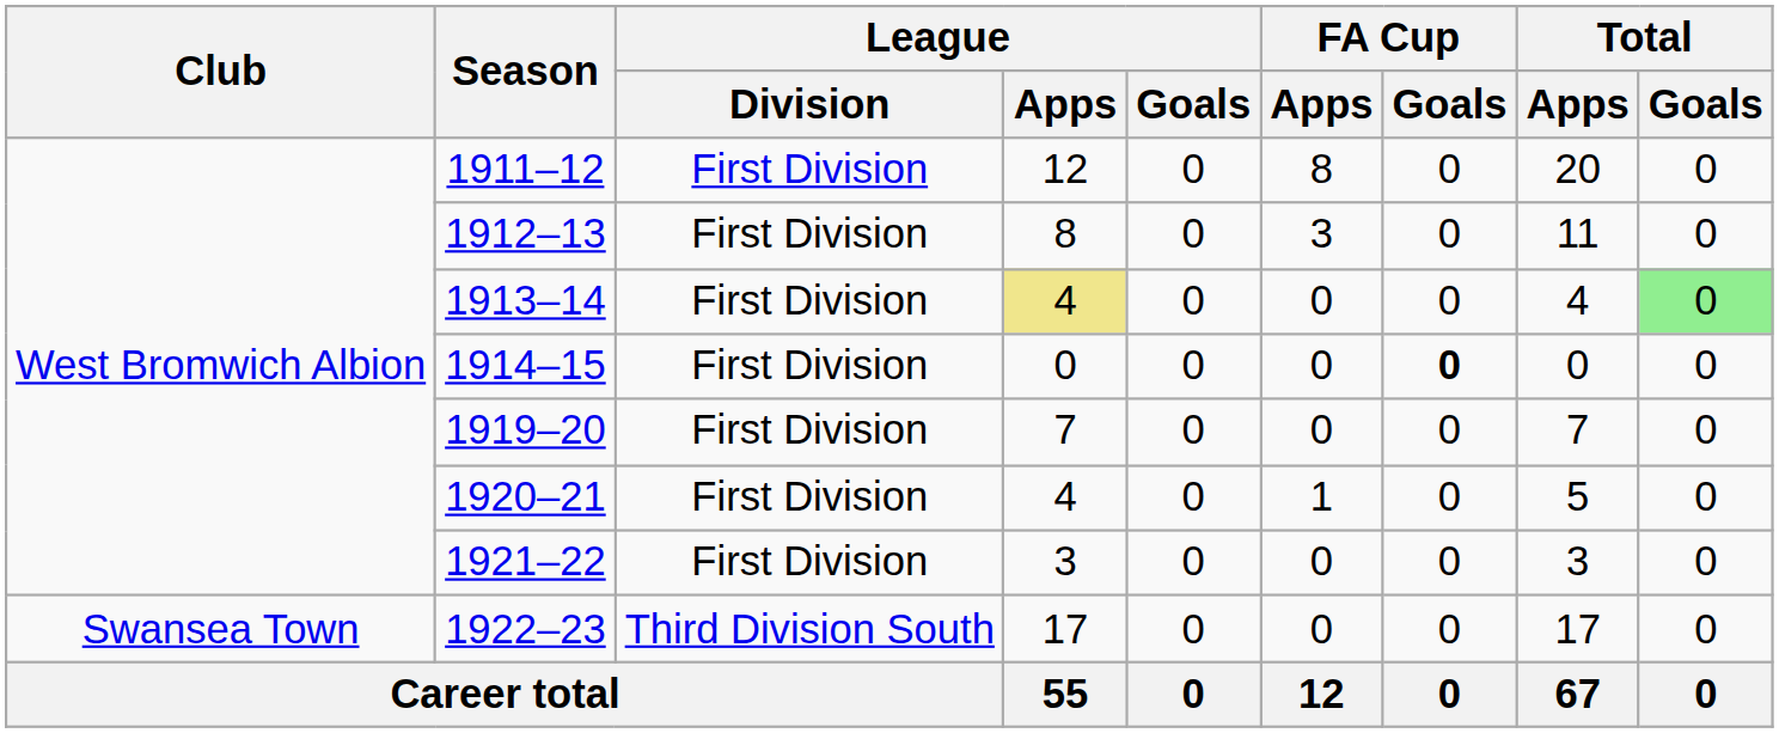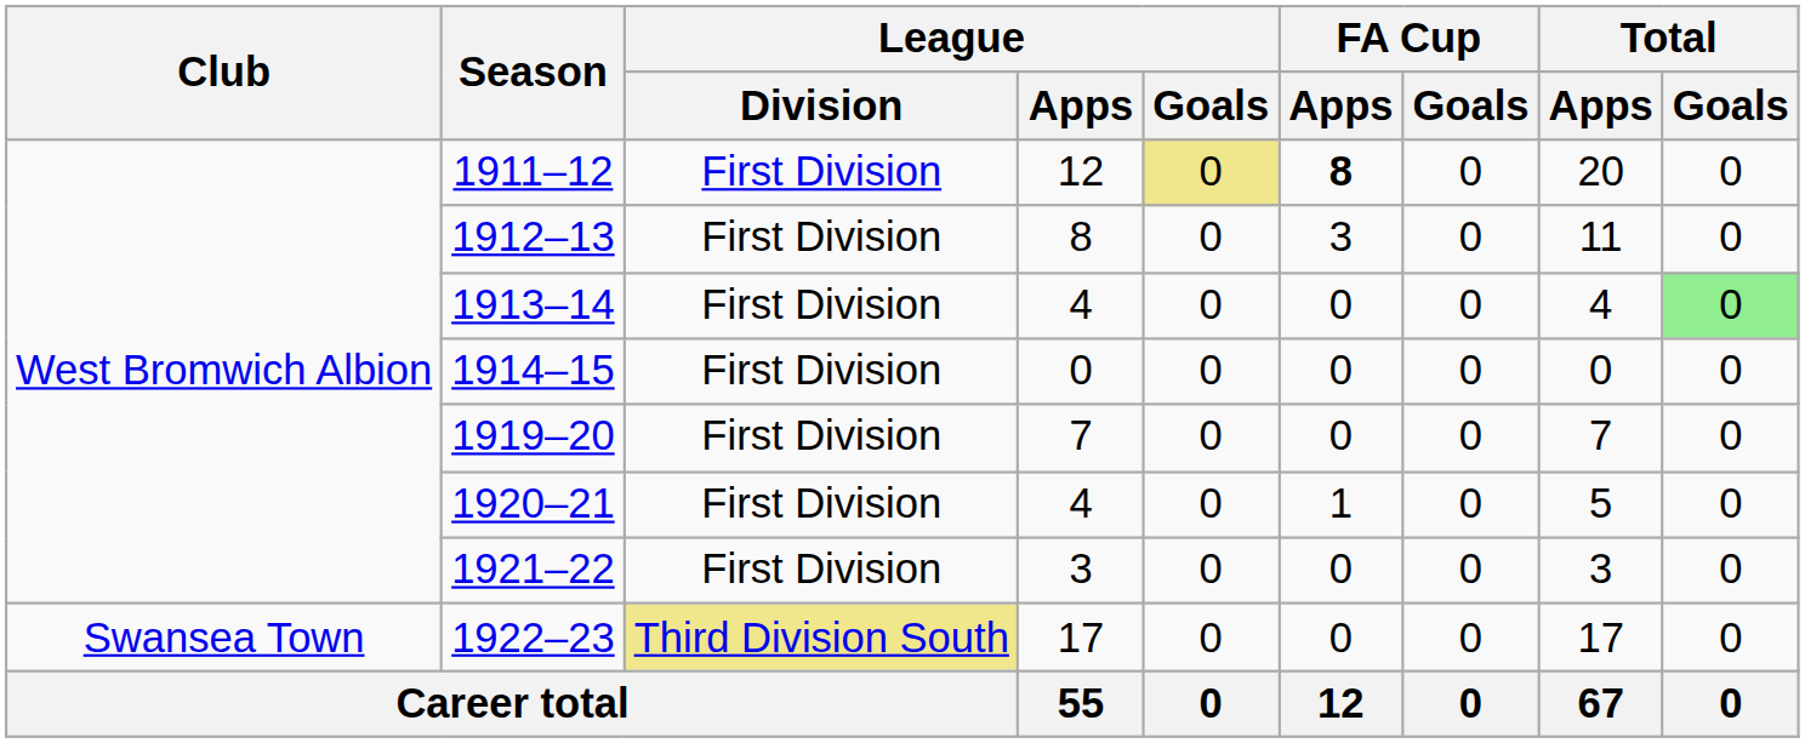 <table class="wikitable" style="text-align: center;">
 <tr>
 <th rowspan=2>Club</th>
 <th rowspan=2>Season</th>
 <th colspan=3>League</th>
 <th colspan=2>FA Cup</th>
 <th colspan=2>Total</th>
 </tr>
 <tr>
 <th>Division</th>
 <th>Apps</th>
 <th>Goals</th>
 <th>Apps</th>
 <th>Goals</th>
 <th>Apps</th>
 <th>Goals</th>
 </tr>
 <tr>
 <td rowspan=7><a href='#'>West Bromwich Albion</a></td>
 <td><a href='#'>1911–12</a></td>
 <td><a href='#'>First Division</a></td>
 <td>12</td>
-<td>0</td>
-<td>8</td>
+<td style="background: khaki;">0</td>
+<td><strong>8</strong></td>
 <td>0</td>
 <td>20</td>
 <td>0</td>
 </tr>
 <tr>
 <td><a href='#'>1912–13</a></td>
 <td>First Division</td>
 <td>8</td>
 <td>0</td>
 <td>3</td>
 <td>0</td>
 <td>11</td>
 <td>0</td>
 </tr>
 <tr>
 <td><a href='#'>1913–14</a></td>
 <td>First Division</td>
-<td style="background: khaki;">4</td>
+<td>4</td>
 <td>0</td>
 <td>0</td>
 <td>0</td>
 <td>4</td>
 <td style="background: lightgreen;">0</td>
 </tr>
 <tr>
 <td><a href='#'>1914–15</a></td>
 <td>First Division</td>
 <td>0</td>
 <td>0</td>
 <td>0</td>
-<td><strong>0</strong></td>
+<td>0</td>
 <td>0</td>
 <td>0</td>
 </tr>
 <tr>
 <td><a href='#'>1919–20</a></td>
 <td>First Division</td>
 <td>7</td>
 <td>0</td>
 <td>0</td>
 <td>0</td>
 <td>7</td>
 <td>0</td>
 </tr>
 <tr>
 <td><a href='#'>1920–21</a></td>
 <td>First Division</td>
 <td>4</td>
 <td>0</td>
 <td>1</td>
 <td>0</td>
 <td>5</td>
 <td>0</td>
 </tr>
 <tr>
 <td><a href='#'>1921–22</a></td>
 <td>First Division</td>
 <td>3</td>
 <td>0</td>
 <td>0</td>
 <td>0</td>
 <td>3</td>
 <td>0</td>
 </tr>
 <tr>
 <td><a href='#'>Swansea Town</a></td>
 <td><a href='#'>1922–23</a></td>
-<td><a href='#'>Third Division South</a></td>
+<td style="background: khaki;"><a href='#'>Third Division South</a></td>
 <td>17</td>
 <td>0</td>
 <td>0</td>
 <td>0</td>
 <td>17</td>
 <td>0</td>
 </tr>
 <tr>
 <th colspan=3>Career total</th>
 <th>55</th>
 <th>0</th>
 <th>12</th>
 <th>0</th>
 <th>67</th>
 <th>0</th>
 </tr>
 </table>
